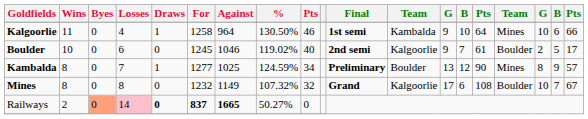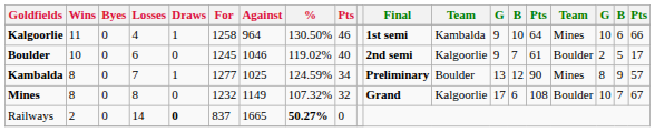 <table class="wikitable" style="font-size: 85%; text-align: left;">
 <tr>
 <th style="color:crimson">Goldfields</th>
 <th style="color:crimson">Wins</th>
 <th style="color:crimson">Byes</th>
 <th style="color:crimson">Losses</th>
 <th style="color:crimson">Draws</th>
 <th style="color:crimson">For</th>
 <th style="color:crimson">Against</th>
 <th style="color:crimson">%</th>
 <th style="color:crimson">Pts</th>
 <th></th>
 <th style="color:green">Final</th>
 <th style="color:green">Team</th>
 <th style="color:green">G</th>
 <th style="color:green">B</th>
 <th style="color:green">Pts</th>
 <th style="color:green">Team</th>
 <th style="color:green">G</th>
 <th style="color:green">B</th>
 <th style="color:green">Pts</th>
 </tr>
 <tr>
 </tr>
 <tr>
 </tr>
 <tr>
 <td><strong>	Kalgoorlie	</strong></td>
 <td>11</td>
 <td>0</td>
 <td>4</td>
 <td>1</td>
 <td>1258</td>
 <td>964</td>
 <td>130.50%</td>
 <td>46</td>
 <td></td>
 <td><strong>1st semi</strong></td>
 <td>Kambalda</td>
 <td>9</td>
 <td>10</td>
 <td>64</td>
 <td>Mines</td>
 <td>10</td>
 <td>6</td>
 <td>66</td>
 </tr>
 <tr>
 <td><strong>	Boulder	</strong></td>
 <td>10</td>
 <td>0</td>
 <td>6</td>
 <td>0</td>
 <td>1245</td>
 <td>1046</td>
 <td>119.02%</td>
 <td>40</td>
 <td></td>
 <td><strong>2nd semi</strong></td>
 <td>Kalgoorlie</td>
 <td>9</td>
 <td>7</td>
 <td>61</td>
 <td>Boulder</td>
 <td>2</td>
 <td>5</td>
 <td>17</td>
 </tr>
 <tr>
 <td><strong>	Kambalda	</strong></td>
 <td>8</td>
 <td>0</td>
 <td>7</td>
 <td>1</td>
 <td>1277</td>
 <td>1025</td>
 <td>124.59%</td>
 <td>34</td>
 <td></td>
 <td><strong>Preliminary</strong></td>
 <td>Boulder</td>
 <td>13</td>
 <td>12</td>
 <td>90</td>
 <td>Mines</td>
 <td>8</td>
 <td>9</td>
 <td>57</td>
 </tr>
 <tr>
 <td><strong>	Mines	</strong></td>
 <td>8</td>
 <td>0</td>
 <td>8</td>
 <td>0</td>
 <td>1232</td>
 <td>1149</td>
 <td>107.32%</td>
 <td>32</td>
 <td></td>
 <td><strong>Grand</strong></td>
 <td>Kalgoorlie</td>
 <td>17</td>
 <td>6</td>
 <td>108</td>
 <td>Boulder</td>
 <td>10</td>
 <td>7</td>
 <td>67</td>
 </tr>
 <tr>
 <td>Railways</td>
 <td>2</td>
-<td style="background: lightsalmon;">0</td>
-<td style="background: pink;">14</td>
+<td>0</td>
+<td>14</td>
 <td><strong>0</strong></td>
-<td><strong>837</strong></td>
-<td><strong>1665</strong></td>
-<td>50.27%</td>
+<td>837</td>
+<td>1665</td>
+<td><strong>50.27%</strong></td>
 <td>0</td>
 <td></td>
 </tr>
 <tr>
 </tr>
 </table>
